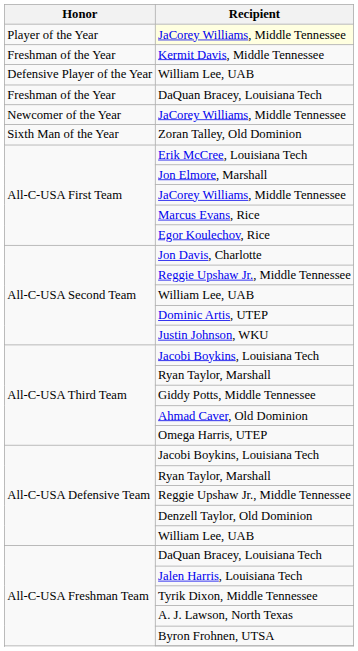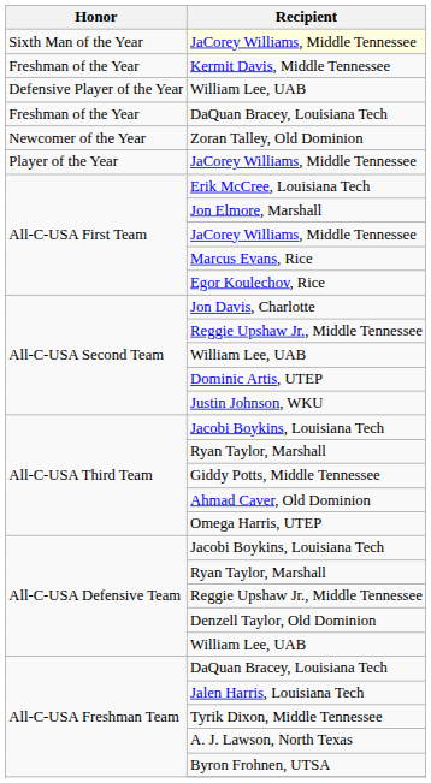 <table class="wikitable" border="1">
 <tr>
 <th>Honor</th>
 <th>Recipient</th>
 </tr>
 <tr>
-<td>Player of the Year</td>
+<td>Sixth Man of the Year</td>
 <td style="background: lightyellow;"><a href='#'>JaCorey Williams</a>, Middle Tennessee</td>
 </tr>
 <tr>
 <td>Freshman of the Year</td>
 <td><a href='#'>Kermit Davis</a>, Middle Tennessee</td>
 </tr>
 <tr>
 <td>Defensive Player of the Year</td>
 <td>William Lee, UAB</td>
 </tr>
 <tr>
 <td>Freshman of the Year</td>
 <td>DaQuan Bracey, Louisiana Tech</td>
 </tr>
 <tr>
 <td>Newcomer of the Year</td>
-<td><a href='#'>JaCorey Williams</a>, Middle Tennessee</td>
+<td>Zoran Talley, Old Dominion</td>
 </tr>
 <tr>
-<td>Sixth Man of the Year</td>
-<td>Zoran Talley, Old Dominion</td>
+<td>Player of the Year</td>
+<td><a href='#'>JaCorey Williams</a>, Middle Tennessee</td>
 </tr>
 <tr>
 <td rowspan="5" valign="middle">All-C-USA First Team</td>
 <td><a href='#'>Erik McCree</a>, Louisiana Tech</td>
 </tr>
 <tr>
 <td><a href='#'>Jon Elmore</a>, Marshall</td>
 </tr>
 <tr>
 <td><a href='#'>JaCorey Williams</a>, Middle Tennessee</td>
 </tr>
 <tr>
 <td><a href='#'>Marcus Evans</a>, Rice</td>
 </tr>
 <tr>
 <td><a href='#'>Egor Koulechov</a>, Rice</td>
 </tr>
 <tr>
 <td rowspan="5" valign="middle">All-C-USA Second Team</td>
 <td><a href='#'>Jon Davis</a>, Charlotte</td>
 </tr>
 <tr>
 <td><a href='#'>Reggie Upshaw Jr.</a>, Middle Tennessee</td>
 </tr>
 <tr>
 <td>William Lee, UAB</td>
 </tr>
 <tr>
 <td><a href='#'>Dominic Artis</a>, UTEP</td>
 </tr>
 <tr>
 <td><a href='#'>Justin Johnson</a>, WKU</td>
 </tr>
 <tr>
 <td rowspan="5" valign="middle">All-C-USA Third Team</td>
 <td><a href='#'>Jacobi Boykins</a>, Louisiana Tech</td>
 </tr>
 <tr>
 <td>Ryan Taylor, Marshall</td>
 </tr>
 <tr>
 <td>Giddy Potts, Middle Tennessee</td>
 </tr>
 <tr>
 <td><a href='#'>Ahmad Caver</a>, Old Dominion</td>
 </tr>
 <tr>
 <td>Omega Harris, UTEP</td>
 </tr>
 <tr>
 <td rowspan="5" valign="middle">All-C-USA Defensive Team</td>
 <td>Jacobi Boykins, Louisiana Tech</td>
 </tr>
 <tr>
 <td>Ryan Taylor, Marshall</td>
 </tr>
 <tr>
 <td>Reggie Upshaw Jr., Middle Tennessee</td>
 </tr>
 <tr>
 <td>Denzell Taylor, Old Dominion</td>
 </tr>
 <tr>
 <td>William Lee, UAB</td>
 </tr>
 <tr>
 <td rowspan="10" valign="middle">All-C-USA Freshman Team</td>
 <td>DaQuan Bracey, Louisiana Tech</td>
 </tr>
 <tr>
 <td><a href='#'>Jalen Harris</a>, Louisiana Tech</td>
 </tr>
 <tr>
 <td>Tyrik Dixon, Middle Tennessee</td>
 </tr>
 <tr>
 <td>A. J. Lawson, North Texas</td>
 </tr>
 <tr>
 <td>Byron Frohnen, UTSA</td>
 </tr>
 <tr>
 </tr>
 </table>
